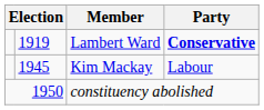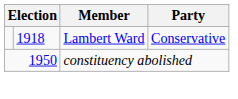 <table class="wikitable">
 <tr>
 <th colspan="2">Election</th>
 <th>Member</th>
 <th>Party</th>
 </tr>
 <tr>
 <td style="color:inherit;background-color: "></td>
-<td><a href='#'>1919</a></td>
+<td><a href='#'>1918</a></td>
 <td><a href='#'>Lambert Ward</a></td>
-<td><strong><a href='#'>Conservative</a></strong></td>
-</tr>
-<tr>
-<td style="color:inherit;background-color: "></td>
-<td><a href='#'>1945</a></td>
-<td><a href='#'>Kim Mackay</a></td>
-<td><a href='#'>Labour</a></td>
+<td><a href='#'>Conservative</a></td>
 </tr>
 <tr>
 <td colspan=2 align="right"><a href='#'>1950</a></td>
 <td colspan="2"><em>constituency abolished</em></td>
 </tr>
 </table>
